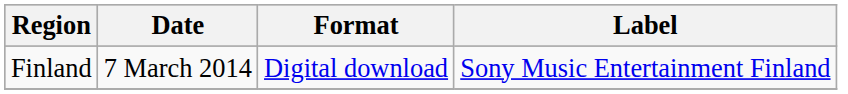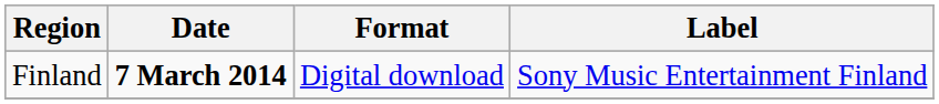 <table class=wikitable>
 <tr>
 <th>Region</th>
 <th>Date</th>
 <th>Format</th>
 <th>Label</th>
 </tr>
 <tr>
 <td>Finland</td>
-<td>7 March 2014</td>
+<td><strong>7 March 2014</strong></td>
 <td><a href='#'>Digital download</a></td>
 <td><a href='#'>Sony Music Entertainment Finland</a></td>
 </tr>
 <tr>
 </tr>
 </table>
